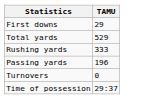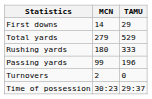 <table class="wikitable" style="float: left;">
 <tr>
 <th>Statistics</th>
+<th>MCN</th>
 <th>TAMU</th>
 </tr>
 <tr>
 <td>First downs</td>
+<td>14</td>
 <td>29</td>
 </tr>
 <tr>
 <td>Total yards</td>
+<td>279</td>
 <td>529</td>
 </tr>
 <tr>
 <td>Rushing yards</td>
+<td>180</td>
 <td>333</td>
 </tr>
 <tr>
 <td>Passing yards</td>
+<td>99</td>
 <td>196</td>
 </tr>
 <tr>
 <td>Turnovers</td>
+<td>2</td>
 <td>0</td>
 </tr>
 <tr>
 <td>Time of possession</td>
+<td>30:23</td>
 <td>29:37</td>
 </tr>
 </table>
